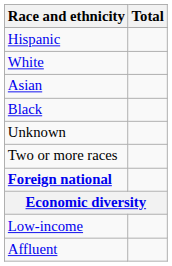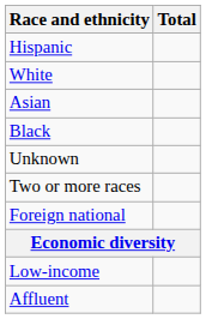 <table class="wikitable floatright sortable collapsible"; text-align:right; font-size:80%;">
 <tr>
 <th>Race and ethnicity</th>
 <th colspan="2" data-sort-type=number>Total</th>
 </tr>
 <tr>
 <td><a href='#'>Hispanic</a></td>
 <td align=right></td>
 </tr>
 <tr>
 <td><a href='#'>White</a></td>
 <td align=right></td>
 </tr>
 <tr>
 <td><a href='#'>Asian</a></td>
 <td align=right></td>
 </tr>
 <tr>
 <td><a href='#'>Black</a></td>
 <td align=right></td>
 </tr>
 <tr>
 <td>Unknown</td>
 <td align=right></td>
 </tr>
 <tr>
 <td>Two or more races</td>
 <td align=right></td>
 </tr>
 <tr>
-<td><strong><a href='#'>Foreign national</a></strong></td>
+<td><a href='#'>Foreign national</a></td>
 <td align=right></td>
 </tr>
 <tr>
 <th colspan="4" data-sort-type=number><a href='#'>Economic diversity</a></th>
 </tr>
 <tr>
 <td><a href='#'>Low-income</a></td>
 <td align=right></td>
 </tr>
 <tr>
 <td><a href='#'>Affluent</a></td>
 <td align=right></td>
 </tr>
 </table>
